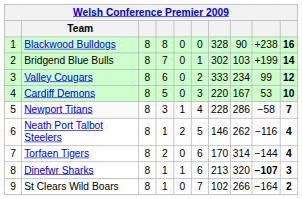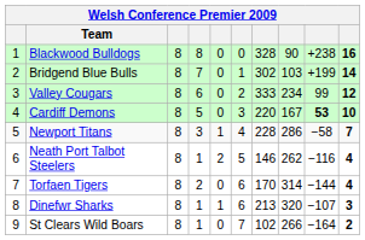 <table class="wikitable" style="text-align:center;">
 <tr>
 <th colspan="11"><a href='#'>Welsh Conference Premier 2009</a></th>
 </tr>
 <tr>
 <th width="20"></th>
 <th width="175">Team</th>
 <th width="20"></th>
 <th width="20"></th>
 <th width="20"></th>
 <th width="20"></th>
 <th width="25"></th>
 <th width="25"></th>
 <th width="25"></th>
 <th width="20"></th>
 </tr>
 <tr align=center style="background:#ccffcc;">
 <td>1</td>
 <td style="text-align:left;"><a href='#'>Blackwood Bulldogs</a></td>
 <td>8</td>
 <td>8</td>
 <td>0</td>
 <td>0</td>
 <td>328</td>
 <td>90</td>
 <td>+238</td>
 <td><strong>16</strong></td>
 </tr>
 <tr align=center style="background:#ccffcc;">
 <td>2</td>
 <td style="text-align:left;">Bridgend Blue Bulls</td>
 <td>8</td>
 <td>7</td>
 <td>0</td>
 <td>1</td>
 <td>302</td>
 <td>103</td>
 <td>+199</td>
 <td><strong>14</strong></td>
 </tr>
 <tr align=center style="background:#ccffcc;">
 <td>3</td>
 <td style="text-align:left;"><a href='#'>Valley Cougars</a></td>
 <td>8</td>
 <td>6</td>
 <td>0</td>
 <td>2</td>
 <td>333</td>
 <td>234</td>
 <td>99</td>
 <td><strong>12</strong></td>
 </tr>
 <tr align=center style="background:#ccffcc;">
 <td>4</td>
 <td style="text-align:left"><a href='#'>Cardiff Demons</a></td>
 <td>8</td>
 <td>5</td>
 <td>0</td>
 <td>3</td>
 <td>220</td>
 <td>167</td>
-<td>53</td>
+<td><strong>53</strong></td>
 <td><strong>10</strong></td>
 </tr>
 <tr align=center style="background:#white;">
 <td>5</td>
 <td style="text-align:left;"><a href='#'>Newport Titans</a></td>
 <td>8</td>
 <td>3</td>
 <td>1</td>
 <td>4</td>
 <td>228</td>
 <td>286</td>
 <td>−58</td>
 <td><strong>7</strong></td>
 </tr>
 <tr align=center style="background:white;">
 <td>6</td>
 <td style="text-align:left;"><a href='#'>Neath Port Talbot Steelers</a></td>
 <td>8</td>
 <td>1</td>
 <td>2</td>
 <td>5</td>
 <td>146</td>
 <td>262</td>
 <td>−116</td>
 <td><strong>4</strong></td>
 </tr>
 <tr align=center style="background:white;">
 <td>7</td>
 <td style="text-align:left;"><a href='#'>Torfaen Tigers</a></td>
 <td>8</td>
 <td>2</td>
 <td>0</td>
 <td>6</td>
 <td>170</td>
 <td>314</td>
 <td>−144</td>
 <td><strong>4</strong></td>
 </tr>
 <tr align=center style="background:white;">
 <td>8</td>
 <td style="text-align:left;"><a href='#'>Dinefwr Sharks</a></td>
 <td>8</td>
 <td>1</td>
 <td>1</td>
 <td>6</td>
 <td>213</td>
 <td>320</td>
-<td><strong>−107</strong></td>
+<td>−107</td>
 <td><strong>3</strong></td>
 </tr>
 <tr align=center style="background:white;">
 <td>9</td>
 <td style="text-align:left;">St Clears Wild Boars</td>
 <td>8</td>
 <td>1</td>
 <td>0</td>
 <td>7</td>
 <td>102</td>
 <td>266</td>
 <td>−164</td>
 <td><strong>2</strong></td>
 </tr>
 </table>
